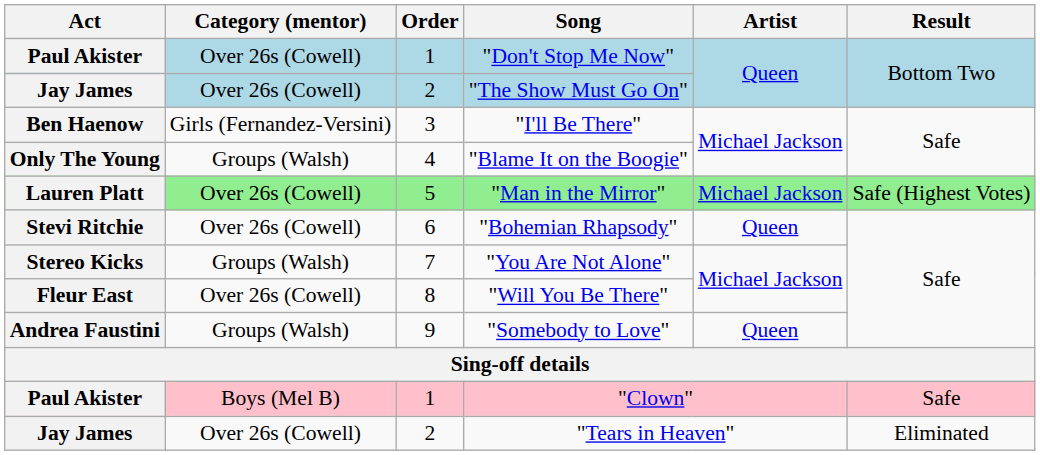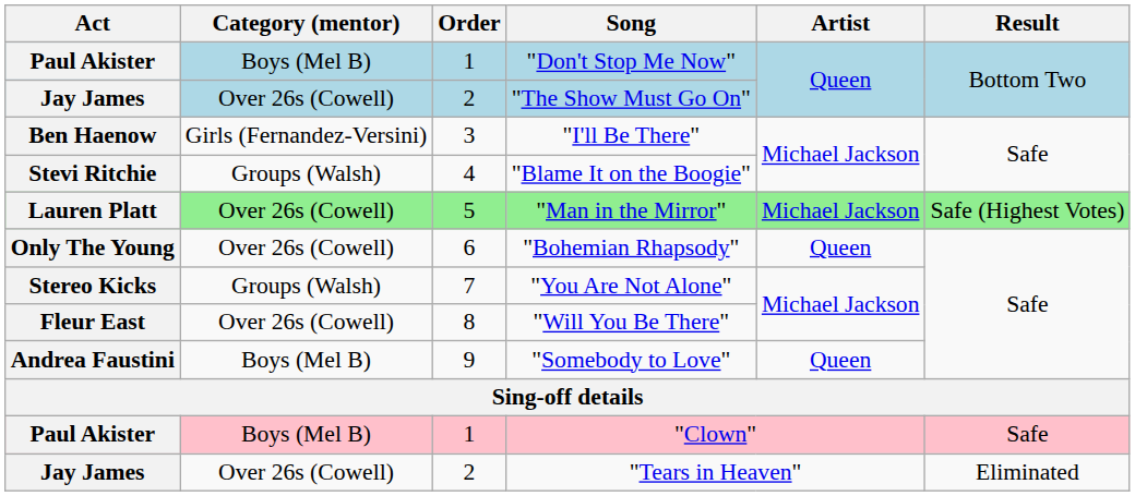 <table class="wikitable plainrowheaders" style="text-align:center;">
 <tr>
 <th scope="col">Act</th>
 <th scope="col">Category (mentor)</th>
 <th scope="col">Order</th>
 <th scope="col">Song</th>
 <th>Artist</th>
 <th scope="col">Result</th>
 </tr>
 <tr style="background:lightblue;">
 <th scope="row">Paul Akister</th>
-<td>Over 26s (Cowell)</td>
+<td>Boys (Mel B)</td>
 <td>1</td>
 <td>"<a href='#'>Don't Stop Me Now</a>"</td>
 <td rowspan="2"><a href='#'>Queen</a></td>
 <td rowspan=2>Bottom Two</td>
 </tr>
 <tr style="background:lightblue;">
 <th scope="row">Jay James</th>
 <td>Over 26s (Cowell)</td>
 <td>2</td>
 <td>"<a href='#'>The Show Must Go On</a>"</td>
 </tr>
 <tr>
 <th scope="row">Ben Haenow</th>
 <td>Girls (Fernandez-Versini)</td>
 <td>3</td>
 <td>"<a href='#'>I'll Be There</a>"</td>
 <td rowspan="2"><a href='#'>Michael Jackson</a></td>
 <td rowspan=2>Safe</td>
 </tr>
 <tr>
-<th scope="row">Only The Young</th>
+<th scope="row">Stevi Ritchie</th>
 <td>Groups (Walsh)</td>
 <td>4</td>
 <td>"<a href='#'>Blame It on the Boogie</a>"</td>
 </tr>
 <tr style="background:lightgreen;">
 <th scope="row">Lauren Platt</th>
 <td>Over 26s (Cowell)</td>
 <td>5</td>
 <td>"<a href='#'>Man in the Mirror</a>"</td>
 <td><a href='#'>Michael Jackson</a></td>
 <td>Safe (Highest Votes)</td>
 </tr>
 <tr>
-<th scope="row">Stevi Ritchie</th>
+<th scope="row">Only The Young</th>
 <td>Over 26s (Cowell)</td>
 <td>6</td>
 <td>"<a href='#'>Bohemian Rhapsody</a>"</td>
 <td><a href='#'>Queen</a></td>
 <td rowspan=4>Safe</td>
 </tr>
 <tr>
 <th scope="row">Stereo Kicks</th>
 <td>Groups (Walsh)</td>
 <td>7</td>
 <td>"<a href='#'>You Are Not Alone</a>"</td>
 <td rowspan="2"><a href='#'>Michael Jackson</a></td>
 </tr>
 <tr>
 <th scope="row">Fleur East</th>
 <td>Over 26s (Cowell)</td>
 <td>8</td>
 <td>"<a href='#'>Will You Be There</a>"</td>
 </tr>
 <tr>
 <th scope="row">Andrea Faustini</th>
-<td>Groups (Walsh)</td>
+<td>Boys (Mel B)</td>
 <td>9</td>
 <td>"<a href='#'>Somebody to Love</a>"</td>
 <td><a href='#'>Queen</a></td>
 </tr>
 <tr>
 <th colspan=6>Sing-off details</th>
 </tr>
 <tr style="background:pink;">
 <th scope="row">Paul Akister</th>
 <td>Boys (Mel B)</td>
 <td>1</td>
 <td colspan="2">"<a href='#'>Clown</a>"</td>
 <td>Safe</td>
 </tr>
 <tr>
 <th scope="row">Jay James</th>
 <td>Over 26s (Cowell)</td>
 <td>2</td>
 <td colspan="2">"<a href='#'>Tears in Heaven</a>"</td>
 <td>Eliminated</td>
 </tr>
 </table>
